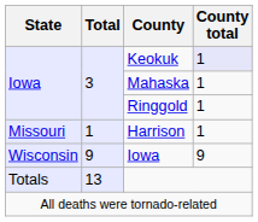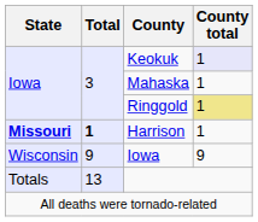 <table class="wikitable" style="margin:0 0 0.5em 1em;float:right;">
 <tr>
 <th>State</th>
 <th>Total</th>
 <th>County</th>
 <th>County<br>total</th>
 </tr>
 <tr>
 <td rowspan=3 bgcolor="#e6e9ff"><a href='#'>Iowa</a></td>
 <td rowspan=3 bgcolor="#e6e9ff">3</td>
 <td><a href='#'>Keokuk</a></td>
 <td style="background: lavender;">1</td>
 </tr>
 <tr>
 <td><a href='#'>Mahaska</a></td>
 <td>1</td>
 </tr>
 <tr>
 <td><a href='#'>Ringgold</a></td>
-<td>1</td>
+<td style="background: khaki;">1</td>
 </tr>
 <tr>
-<td rowspan=1 bgcolor="#e6e9ff"><a href='#'>Missouri</a></td>
-<td rowspan=1 bgcolor="#e6e9ff">1</td>
+<td rowspan=1 bgcolor="#e6e9ff"><strong><a href='#'>Missouri</a></strong></td>
+<td rowspan=1 bgcolor="#e6e9ff"><strong>1</strong></td>
 <td><a href='#'>Harrison</a></td>
 <td>1</td>
 </tr>
 <tr>
 <td rowspan=1 bgcolor="#e6e9ff"><a href='#'>Wisconsin</a></td>
 <td rowspan=1 bgcolor="#e6e9ff">9</td>
 <td><a href='#'>Iowa</a></td>
 <td>9</td>
 </tr>
 <tr>
 <td bgcolor="#e6e9ff">Totals</td>
 <td bgcolor="#e6e9ff">13</td>
 <td colspan=2></td>
 </tr>
 <tr>
 <td colspan=4 align=center><small>All deaths were tornado-related</small></td>
 </tr>
 </table>
